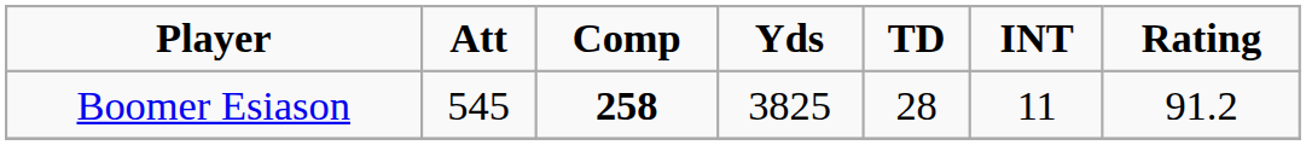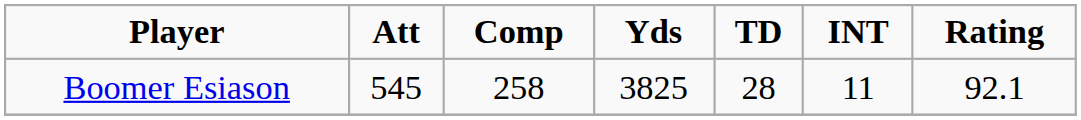 <table class="wikitable" width="80%">
 <tr align="center">
 <td><strong>Player</strong></td>
 <td><strong>Att</strong></td>
 <td><strong>Comp</strong></td>
 <td><strong>Yds</strong></td>
 <td><strong>TD</strong></td>
 <td><strong>INT</strong></td>
 <td><strong>Rating</strong></td>
 </tr>
 <tr align="center" bgcolor="">
 <td><a href='#'>Boomer Esiason</a></td>
 <td>545</td>
-<td><strong>258</strong></td>
+<td>258</td>
 <td>3825</td>
 <td>28</td>
 <td>11</td>
-<td>91.2</td>
+<td>92.1</td>
 </tr>
 <tr align="center" bgcolor="">
 </tr>
 </table>
